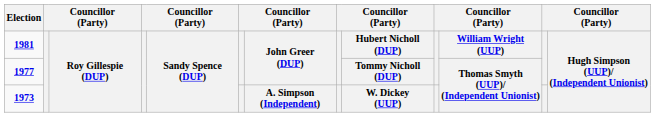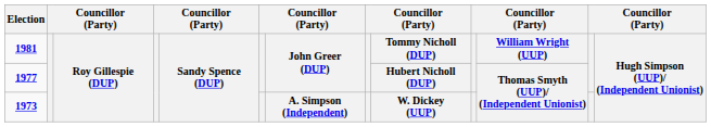 <table class="wikitable" style="text-align:center">
 <tr>
 <th scope="col" width="50">Election</th>
 <th scope="col" width="150" colspan = "2">Councillor<br> (Party)</th>
 <th scope="col" width="150" colspan = "2">Councillor<br> (Party)</th>
 <th scope="col" width="150" colspan = "2">Councillor<br> (Party)</th>
 <th scope="col" width="150" colspan = "2">Councillor<br> (Party)</th>
 <th scope="col" width="150" colspan = "2">Councillor<br> (Party)</th>
 <th scope="col" width="150" colspan = "2">Councillor<br> (Party)</th>
 </tr>
 <tr>
 <td><strong><a href='#'>1981</a></strong></td>
 <th rowspan="3" width="1" style="background-color: "></th>
 <th rowspan = "3">Roy Gillespie <br> (<a href='#'>DUP</a>)</th>
 <th rowspan="3" width="1" style="background-color: "></th>
 <th rowspan = "3">Sandy Spence <br> (<a href='#'>DUP</a>)</th>
 <th rowspan="2" width="1" style="background-color: "></th>
 <th rowspan = "2">John Greer <br> (<a href='#'>DUP</a>)</th>
 <th rowspan="2" width="1" style="background-color: "></th>
-<th rowspan = "1">Hubert Nicholl <br> (<a href='#'>DUP</a>)</th>
+<th rowspan = "1">Tommy Nicholl <br> (<a href='#'>DUP</a>)</th>
 <th rowspan="2" width="1" style="background-color: "></th>
 <th rowspan = "1"><a href='#'>William Wright</a> <br> (<a href='#'>UUP</a>)</th>
 <th rowspan="2" width="1" style="background-color: "></th>
 <th rowspan = "3">Hugh Simpson <br> (<a href='#'>UUP</a>)/ <br> (<a href='#'>Independent Unionist</a>)</th>
 </tr>
 <tr>
 <td><strong><a href='#'>1977</a></strong></td>
-<th rowspan = "1">Tommy Nicholl <br> (<a href='#'>DUP</a>)</th>
+<th rowspan = "1">Hubert Nicholl <br> (<a href='#'>DUP</a>)</th>
 <th rowspan = "2">Thomas Smyth <br> (<a href='#'>UUP</a>)/ <br> (<a href='#'>Independent Unionist</a>)</th>
 </tr>
 <tr>
 <td><strong><a href='#'>1973</a></strong></td>
 <th rowspan="1" width="1" style="background-color: "></th>
 <th rowspan = "1">A. Simpson <br> (<a href='#'>Independent</a>)</th>
 <th rowspan="1" width="1" style="background-color: "></th>
 <th rowspan = "1">W. Dickey <br> (<a href='#'>UUP</a>)</th>
 <th rowspan="1" width="1" style="background-color: "></th>
 <th rowspan="1" width="1" style="background-color: "></th>
 </tr>
 </table>
